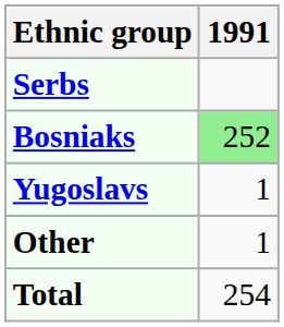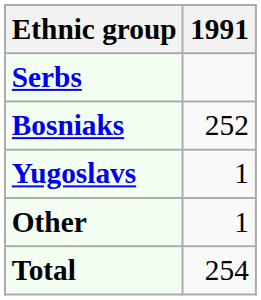 <table class="wikitable" style="font-size:95%;">
 <tr>
 <th>Ethnic group</th>
 <th>1991</th>
 </tr>
 <tr>
 <td style="background:#f3fff3;"><strong><a href='#'>Serbs</a></strong></td>
 <td align="right"></td>
 </tr>
 <tr>
 <td style="background:#f3fff3;"><strong><a href='#'>Bosniaks</a></strong></td>
-<td align="right" style="background: lightgreen;">252</td>
+<td align="right">252</td>
 </tr>
 <tr>
 <td style="background:#f3fff3;"><strong><a href='#'>Yugoslavs</a></strong></td>
 <td align="right">1</td>
 </tr>
 <tr>
 <td style="background:#f3fff3;"><strong>Other</strong></td>
 <td align="right">1</td>
 </tr>
 <tr>
 <td style="background:#f3fff3;"><strong>Total</strong></td>
 <td align="right">254</td>
 </tr>
 </table>
